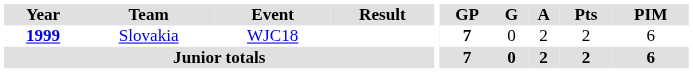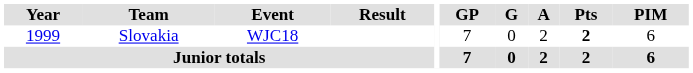 <table border="0" cellpadding="1" cellspacing="0" ID="Table3" style="text-align:center; width:40em">
 <tr ALIGN="center" bgcolor="#e0e0e0">
 <th>Year</th>
 <th>Team</th>
 <th>Event</th>
 <th>Result</th>
 <th rowspan="99" bgcolor="#ffffff"></th>
 <th>GP</th>
 <th>G</th>
 <th>A</th>
 <th>Pts</th>
 <th>PIM</th>
 </tr>
 <tr>
-<td><strong><a href='#'>1999</a></strong></td>
+<td><a href='#'>1999</a></td>
 <td><a href='#'>Slovakia</a></td>
 <td><a href='#'>WJC18</a></td>
 <td></td>
-<td><strong>7</strong></td>
+<td>7</td>
 <td>0</td>
 <td>2</td>
-<td>2</td>
+<td><strong>2</strong></td>
 <td>6</td>
 </tr>
 <tr ALIGN="center" bgcolor="#e0e0e0">
 <th colspan=4>Junior totals</th>
 <th>7</th>
 <th>0</th>
 <th>2</th>
 <th>2</th>
 <th>6</th>
 </tr>
 </table>
